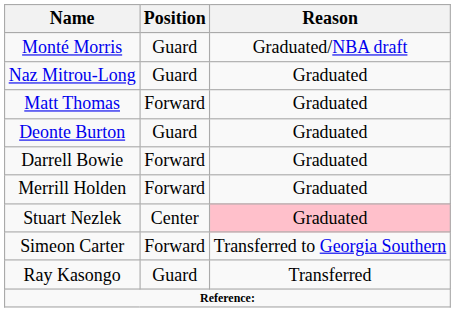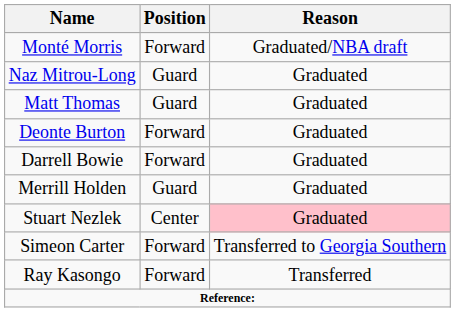 <table class="wikitable" style="text-align: center">
 <tr align=center>
 <th>Name</th>
 <th>Position</th>
 <th>Reason</th>
 </tr>
 <tr>
 <td><a href='#'>Monté Morris</a></td>
-<td>Guard</td>
+<td>Forward</td>
 <td>Graduated/<a href='#'>NBA draft</a></td>
 </tr>
 <tr>
 <td><a href='#'>Naz Mitrou-Long</a></td>
 <td>Guard</td>
 <td>Graduated</td>
 </tr>
 <tr>
 <td><a href='#'>Matt Thomas</a></td>
-<td>Forward</td>
+<td>Guard</td>
 <td>Graduated</td>
 </tr>
 <tr>
 <td><a href='#'>Deonte Burton</a></td>
-<td>Guard</td>
+<td>Forward</td>
 <td>Graduated</td>
 </tr>
 <tr>
 <td>Darrell Bowie</td>
 <td>Forward</td>
 <td>Graduated</td>
 </tr>
 <tr>
 <td>Merrill Holden</td>
-<td>Forward</td>
+<td>Guard</td>
 <td>Graduated</td>
 </tr>
 <tr>
 <td>Stuart Nezlek</td>
 <td>Center</td>
 <td style="background: pink;">Graduated</td>
 </tr>
 <tr>
 <td>Simeon Carter</td>
 <td>Forward</td>
 <td>Transferred to <a href='#'>Georgia Southern</a></td>
 </tr>
 <tr>
 <td>Ray Kasongo</td>
-<td>Guard</td>
+<td>Forward</td>
 <td>Transferred</td>
 </tr>
 <tr>
 <td colspan="6"  style="font-size:8pt; text-align:center;"><strong>Reference:</strong></td>
 </tr>
 </table>
